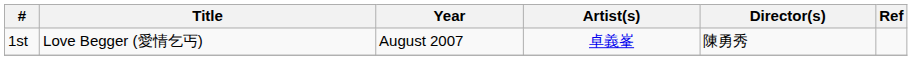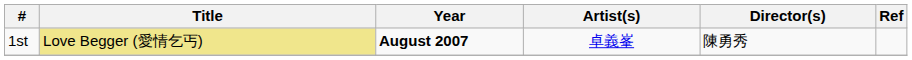 <table class="wikitable plainrowheaders">
 <tr>
 <th width="30px">#</th>
 <th width="350px">Title</th>
 <th width="150px">Year</th>
 <th width="180px" style="text-align:center;">Artist(s)</th>
 <th width="180px">Director(s)</th>
 <th>Ref</th>
 </tr>
 <tr>
 <td>1st</td>
-<td>Love Begger (愛情乞丐)</td>
-<td>August 2007</td>
+<td style="background: khaki;">Love Begger (愛情乞丐)</td>
+<td><strong>August 2007</strong></td>
 <td style="text-align:center;"><a href='#'>卓義峯</a></td>
 <td>陳勇秀</td>
 <td></td>
 </tr>
 <tr>
 </tr>
 </table>
